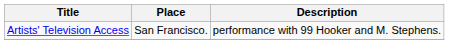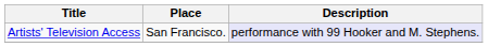 <table class="wikitable">
 <tr>
 <th>Title</th>
 <th>Place</th>
 <th>Description</th>
 </tr>
 <tr>
 <td><a href='#'>Artists' Television Access</a></td>
 <td>San Francisco.</td>
-<td>performance with 99 Hooker and M. Stephens.</td>
+<td style="background: lavender;">performance with 99 Hooker and M. Stephens.</td>
 </tr>
 <tr>
 </tr>
 </table>
